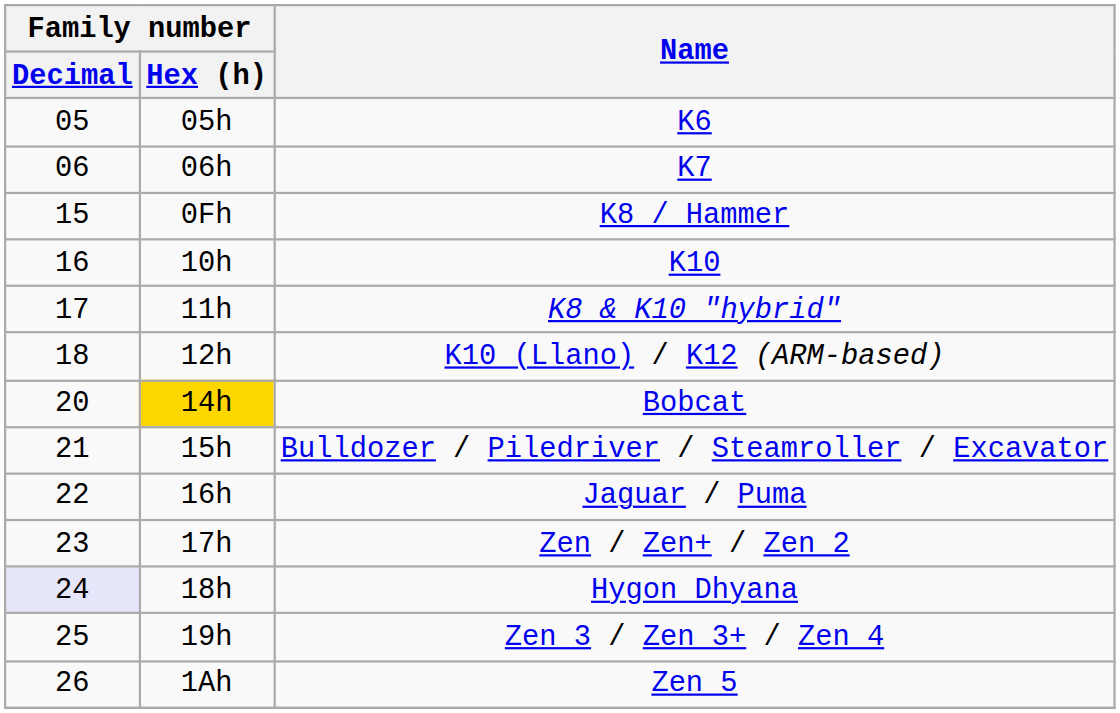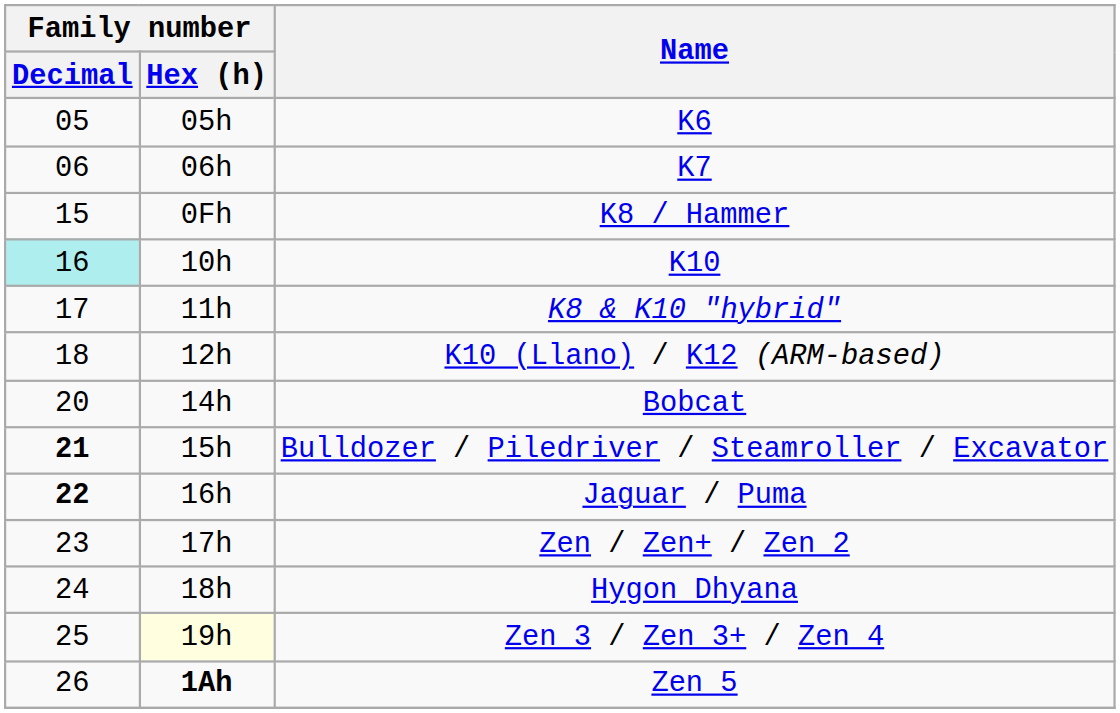 <table class="wikitable" style="text-align: center;">
 <tr>
 <th colspan="2">Family number</th>
 <th rowspan="2"><a href='#'>Name</a></th>
 </tr>
 <tr>
 <th><a href='#'>Decimal</a></th>
 <th><a href='#'>Hex</a> (h)</th>
 </tr>
 <tr>
 <td>05</td>
 <td>05h</td>
 <td><a href='#'>K6</a></td>
 </tr>
 <tr>
 <td>06</td>
 <td>06h</td>
 <td><a href='#'>K7</a></td>
 </tr>
 <tr>
 <td>15</td>
 <td>0Fh</td>
 <td><a href='#'>K8 / Hammer</a></td>
 </tr>
 <tr>
-<td>16</td>
+<td style="background: paleturquoise;">16</td>
 <td>10h</td>
 <td><a href='#'>K10</a></td>
 </tr>
 <tr>
 <td>17</td>
 <td>11h</td>
 <td><em><a href='#'>K8 & K10 "hybrid"</a></em></td>
 </tr>
 <tr>
 <td>18</td>
 <td>12h</td>
 <td><a href='#'>K10 (Llano)</a> / <a href='#'>K12</a> <em>(ARM-based)</em></td>
 </tr>
 <tr>
 <td>20</td>
-<td style="background: gold;">14h</td>
+<td>14h</td>
 <td><a href='#'>Bobcat</a></td>
 </tr>
 <tr>
-<td>21</td>
+<td><strong>21</strong></td>
 <td>15h</td>
 <td><a href='#'>Bulldozer</a> / <a href='#'>Piledriver</a> / <a href='#'>Steamroller</a> / <a href='#'>Excavator</a></td>
 </tr>
 <tr>
-<td>22</td>
+<td><strong>22</strong></td>
 <td>16h</td>
 <td><a href='#'>Jaguar</a> / <a href='#'>Puma</a></td>
 </tr>
 <tr>
 <td>23</td>
 <td>17h</td>
 <td><a href='#'>Zen</a> / <a href='#'>Zen+</a> / <a href='#'>Zen 2</a></td>
 </tr>
 <tr>
-<td style="background: lavender;">24</td>
+<td>24</td>
 <td>18h</td>
 <td><a href='#'>Hygon Dhyana</a></td>
 </tr>
 <tr>
 <td>25</td>
-<td>19h</td>
+<td style="background: lightyellow;">19h</td>
 <td><a href='#'>Zen 3</a> / <a href='#'>Zen 3+</a> / <a href='#'>Zen 4</a></td>
 </tr>
 <tr>
 <td>26</td>
-<td>1Ah</td>
+<td><strong>1Ah</strong></td>
 <td><a href='#'>Zen 5</a></td>
 </tr>
 <tr>
 </tr>
 </table>
